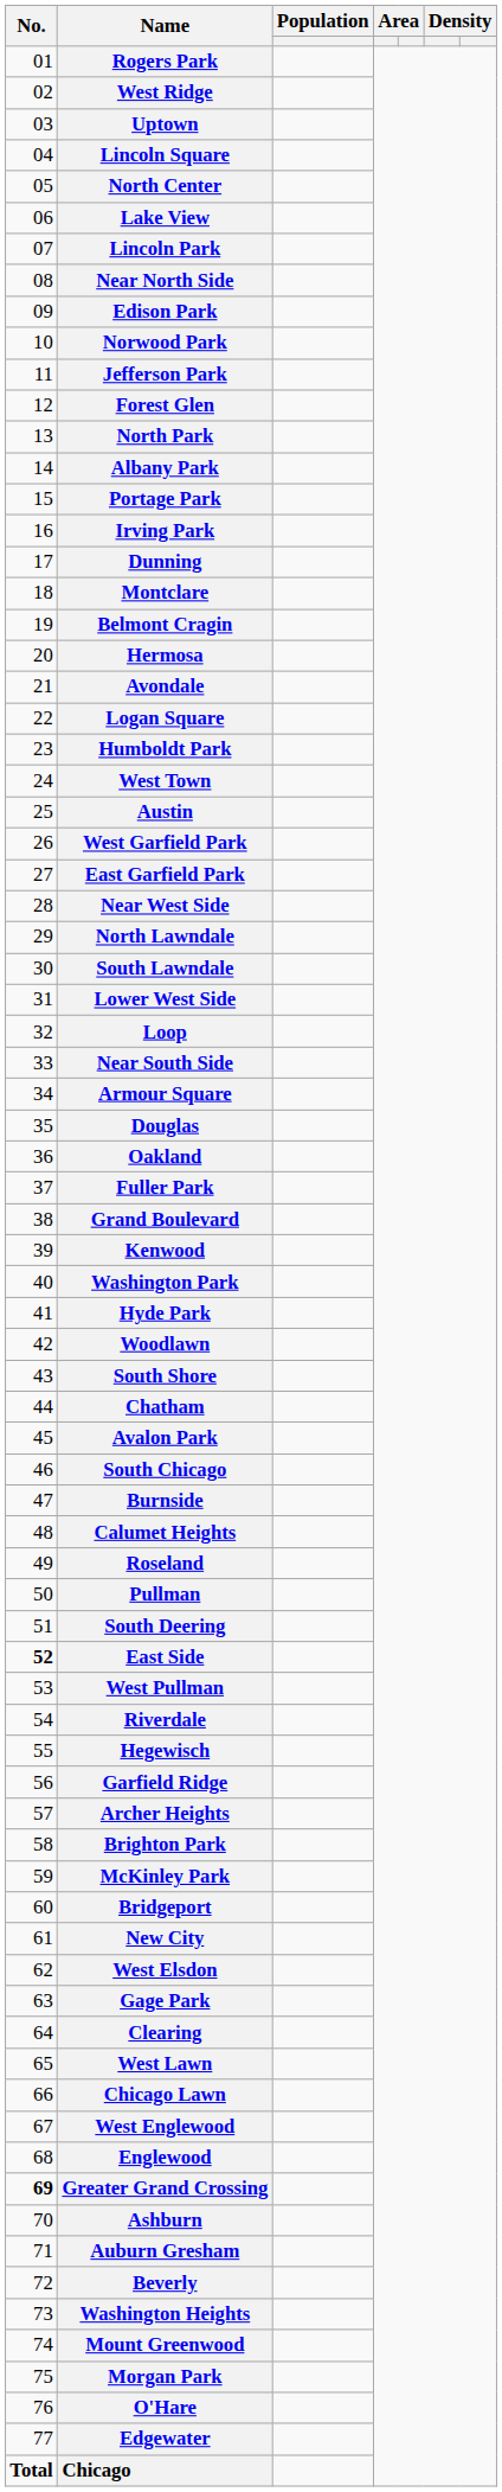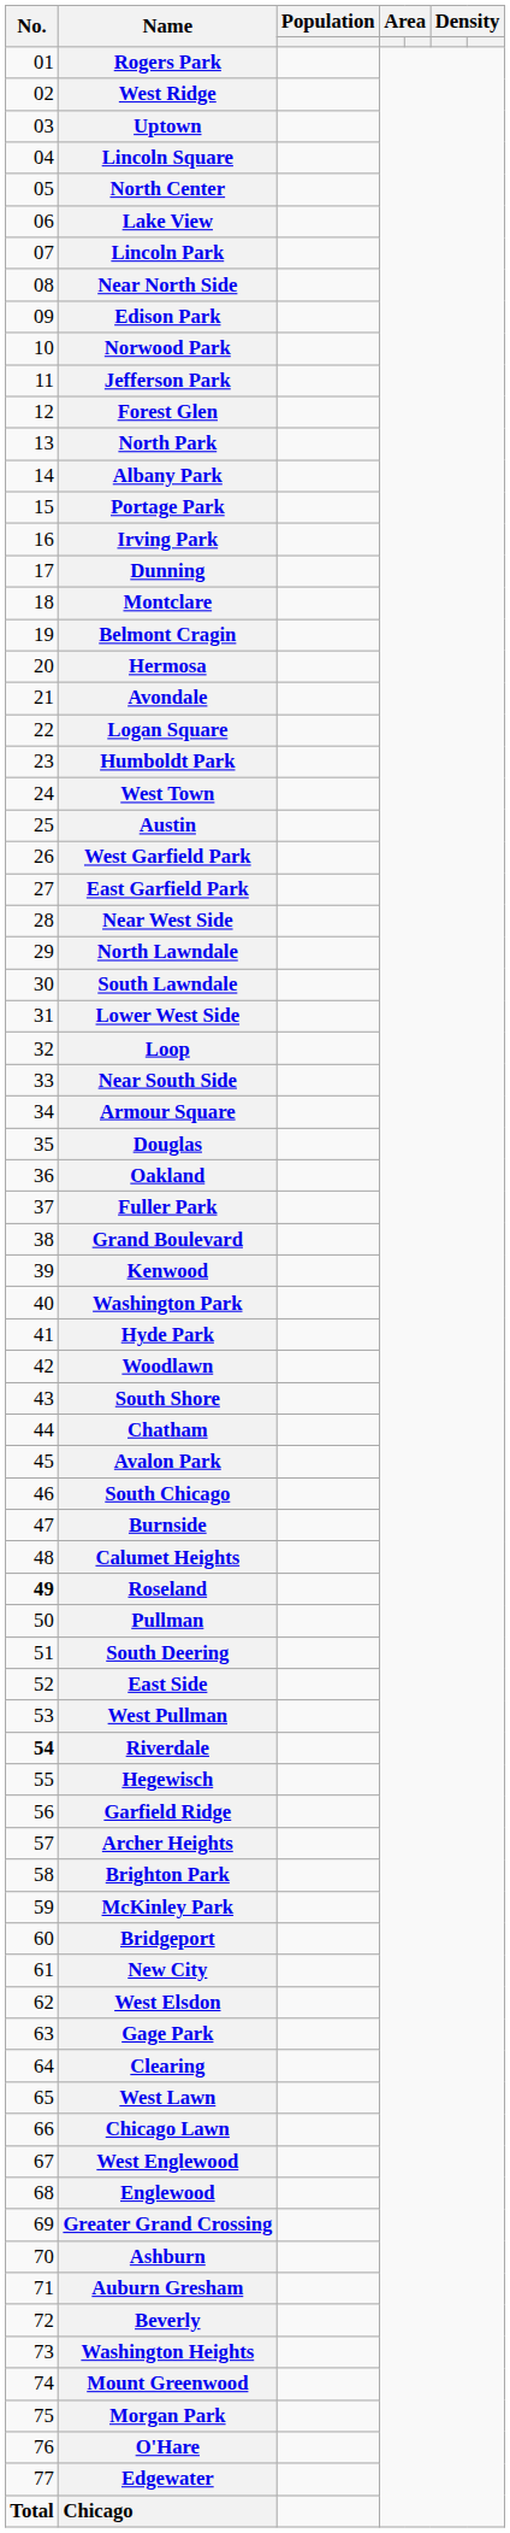 <table class="wikitable sortable plainrowheaders mw-datatable" style=text-align:right>
 <tr>
 <th scope=col rowspan=2>No.</th>
 <th scope=col rowspan=2>Name</th>
 <th scope=col>Population</th>
 <th colspan=2 scope=col>Area</th>
 <th colspan=2 scope=col>Density</th>
 </tr>
 <tr>
 <th></th>
 <th></th>
 <th></th>
 <th></th>
 <th></th>
 </tr>
 <tr>
 <td>01</td>
 <th scope=row><a href='#'>Rogers Park</a></th>
 <td></td>
 </tr>
 <tr>
 <td>02</td>
 <th scope=row><a href='#'>West Ridge</a></th>
 <td></td>
 </tr>
 <tr>
 <td>03</td>
 <th scope=row><a href='#'>Uptown</a></th>
 <td></td>
 </tr>
 <tr>
 <td>04</td>
 <th scope=row><a href='#'>Lincoln Square</a></th>
 <td></td>
 </tr>
 <tr>
 <td>05</td>
 <th scope=row><a href='#'>North Center</a></th>
 <td></td>
 </tr>
 <tr>
 <td>06</td>
 <th scope=row><a href='#'>Lake View</a></th>
 <td></td>
 </tr>
 <tr>
 <td>07</td>
 <th scope=row><a href='#'>Lincoln Park</a></th>
 <td></td>
 </tr>
 <tr>
 <td>08</td>
 <th scope=row><a href='#'>Near North Side</a></th>
 <td></td>
 </tr>
 <tr>
 <td>09</td>
 <th scope=row><a href='#'>Edison Park</a></th>
 <td></td>
 </tr>
 <tr>
 <td>10</td>
 <th scope=row><a href='#'>Norwood Park</a></th>
 <td></td>
 </tr>
 <tr>
 <td>11</td>
 <th scope=row><a href='#'>Jefferson Park</a></th>
 <td></td>
 </tr>
 <tr>
 <td>12</td>
 <th scope=row><a href='#'>Forest Glen</a></th>
 <td></td>
 </tr>
 <tr>
 <td>13</td>
 <th scope=row><a href='#'>North Park</a></th>
 <td></td>
 </tr>
 <tr>
 <td>14</td>
 <th scope=row><a href='#'>Albany Park</a></th>
 <td></td>
 </tr>
 <tr>
 <td>15</td>
 <th scope=row><a href='#'>Portage Park</a></th>
 <td></td>
 </tr>
 <tr>
 <td>16</td>
 <th scope=row><a href='#'>Irving Park</a></th>
 <td></td>
 </tr>
 <tr>
 <td>17</td>
 <th scope=row><a href='#'>Dunning</a></th>
 <td></td>
 </tr>
 <tr>
 <td>18</td>
 <th scope=row><a href='#'>Montclare</a></th>
 <td></td>
 </tr>
 <tr>
 <td>19</td>
 <th scope=row><a href='#'>Belmont Cragin</a></th>
 <td></td>
 </tr>
 <tr>
 <td>20</td>
 <th scope=row><a href='#'>Hermosa</a></th>
 <td></td>
 </tr>
 <tr>
 <td>21</td>
 <th scope=row><a href='#'>Avondale</a></th>
 <td></td>
 </tr>
 <tr>
 <td>22</td>
 <th scope=row><a href='#'>Logan Square</a></th>
 <td></td>
 </tr>
 <tr>
 <td>23</td>
 <th scope=row><a href='#'>Humboldt Park</a></th>
 <td></td>
 </tr>
 <tr>
 <td>24</td>
 <th scope=row><a href='#'>West Town</a></th>
 <td></td>
 </tr>
 <tr>
 <td>25</td>
 <th scope=row><a href='#'>Austin</a></th>
 <td></td>
 </tr>
 <tr>
 <td>26</td>
 <th scope=row><a href='#'>West Garfield Park</a></th>
 <td></td>
 </tr>
 <tr>
 <td>27</td>
 <th scope=row><a href='#'>East Garfield Park</a></th>
 <td></td>
 </tr>
 <tr>
 <td>28</td>
 <th scope=row><a href='#'>Near West Side</a></th>
 <td></td>
 </tr>
 <tr>
 <td>29</td>
 <th scope=row><a href='#'>North Lawndale</a></th>
 <td></td>
 </tr>
 <tr>
 <td>30</td>
 <th scope=row><a href='#'>South Lawndale</a></th>
 <td></td>
 </tr>
 <tr>
 <td>31</td>
 <th scope=row><a href='#'>Lower West Side</a></th>
 <td></td>
 </tr>
 <tr>
 <td>32</td>
 <th scope=row><a href='#'>Loop</a></th>
 <td></td>
 </tr>
 <tr>
 <td>33</td>
 <th scope=row><a href='#'>Near South Side</a></th>
 <td></td>
 </tr>
 <tr>
 <td>34</td>
 <th scope=row><a href='#'>Armour Square</a></th>
 <td></td>
 </tr>
 <tr>
 <td>35</td>
 <th scope=row><a href='#'>Douglas</a></th>
 <td></td>
 </tr>
 <tr>
 <td>36</td>
 <th scope=row><a href='#'>Oakland</a></th>
 <td></td>
 </tr>
 <tr>
 <td>37</td>
 <th scope=row><a href='#'>Fuller Park</a></th>
 <td></td>
 </tr>
 <tr>
 <td>38</td>
 <th scope=row><a href='#'>Grand Boulevard</a></th>
 <td></td>
 </tr>
 <tr>
 <td>39</td>
 <th scope=row><a href='#'>Kenwood</a></th>
 <td></td>
 </tr>
 <tr>
 <td>40</td>
 <th scope=row><a href='#'>Washington Park</a></th>
 <td></td>
 </tr>
 <tr>
 <td>41</td>
 <th scope=row><a href='#'>Hyde Park</a></th>
 <td></td>
 </tr>
 <tr>
 <td>42</td>
 <th scope=row><a href='#'>Woodlawn</a></th>
 <td></td>
 </tr>
 <tr>
 <td>43</td>
 <th scope=row><a href='#'>South Shore</a></th>
 <td></td>
 </tr>
 <tr>
 <td>44</td>
 <th scope=row><a href='#'>Chatham</a></th>
 <td></td>
 </tr>
 <tr>
 <td>45</td>
 <th scope=row><a href='#'>Avalon Park</a></th>
 <td></td>
 </tr>
 <tr>
 <td>46</td>
 <th scope=row><a href='#'>South Chicago</a></th>
 <td></td>
 </tr>
 <tr>
 <td>47</td>
 <th scope=row><a href='#'>Burnside</a></th>
 <td></td>
 </tr>
 <tr>
 <td>48</td>
 <th scope=row><a href='#'>Calumet Heights</a></th>
 <td></td>
 </tr>
 <tr>
-<td>49</td>
+<td><strong>49</strong></td>
 <th scope=row><a href='#'>Roseland</a></th>
 <td></td>
 </tr>
 <tr>
 <td>50</td>
 <th scope=row><a href='#'>Pullman</a></th>
 <td></td>
 </tr>
 <tr>
 <td>51</td>
 <th scope=row><a href='#'>South Deering</a></th>
 <td></td>
 </tr>
 <tr>
-<td><strong>52</strong></td>
+<td>52</td>
 <th scope=row><a href='#'>East Side</a></th>
 <td></td>
 </tr>
 <tr>
 <td>53</td>
 <th scope=row><a href='#'>West Pullman</a></th>
 <td></td>
 </tr>
 <tr>
-<td>54</td>
+<td><strong>54</strong></td>
 <th scope=row><a href='#'>Riverdale</a></th>
 <td></td>
 </tr>
 <tr>
 <td>55</td>
 <th scope=row><a href='#'>Hegewisch</a></th>
 <td></td>
 </tr>
 <tr>
 <td>56</td>
 <th scope=row><a href='#'>Garfield Ridge</a></th>
 <td></td>
 </tr>
 <tr>
 <td>57</td>
 <th scope=row><a href='#'>Archer Heights</a></th>
 <td></td>
 </tr>
 <tr>
 <td>58</td>
 <th scope=row><a href='#'>Brighton Park</a></th>
 <td></td>
 </tr>
 <tr>
 <td>59</td>
 <th scope=row><a href='#'>McKinley Park</a></th>
 <td></td>
 </tr>
 <tr>
 <td>60</td>
 <th scope=row><a href='#'>Bridgeport</a></th>
 <td></td>
 </tr>
 <tr>
 <td>61</td>
 <th scope=row><a href='#'>New City</a></th>
 <td></td>
 </tr>
 <tr>
 <td>62</td>
 <th scope=row><a href='#'>West Elsdon</a></th>
 <td></td>
 </tr>
 <tr>
 <td>63</td>
 <th scope=row><a href='#'>Gage Park</a></th>
 <td></td>
 </tr>
 <tr>
 <td>64</td>
 <th scope=row><a href='#'>Clearing</a></th>
 <td></td>
 </tr>
 <tr>
 <td>65</td>
 <th scope=row><a href='#'>West Lawn</a></th>
 <td></td>
 </tr>
 <tr>
 <td>66</td>
 <th scope=row><a href='#'>Chicago Lawn</a></th>
 <td></td>
 </tr>
 <tr>
 <td>67</td>
 <th scope=row><a href='#'>West Englewood</a></th>
 <td></td>
 </tr>
 <tr>
 <td>68</td>
 <th scope=row><a href='#'>Englewood</a></th>
 <td></td>
 </tr>
 <tr>
-<td><strong>69</strong></td>
+<td>69</td>
 <th scope=row><a href='#'>Greater Grand Crossing</a></th>
 <td></td>
 </tr>
 <tr>
 <td>70</td>
 <th scope=row><a href='#'>Ashburn</a></th>
 <td></td>
 </tr>
 <tr>
 <td>71</td>
 <th scope=row><a href='#'>Auburn Gresham</a></th>
 <td></td>
 </tr>
 <tr>
 <td>72</td>
 <th scope=row><a href='#'>Beverly</a></th>
 <td></td>
 </tr>
 <tr>
 <td>73</td>
 <th scope=row><a href='#'>Washington Heights</a></th>
 <td></td>
 </tr>
 <tr>
 <td>74</td>
 <th scope=row><a href='#'>Mount Greenwood</a></th>
 <td></td>
 </tr>
 <tr>
 <td>75</td>
 <th scope=row><a href='#'>Morgan Park</a></th>
 <td></td>
 </tr>
 <tr>
 <td>76</td>
 <th scope=row><a href='#'>O'Hare</a></th>
 <td></td>
 </tr>
 <tr>
 <td>77</td>
 <th scope=row><a href='#'>Edgewater</a></th>
 <td></td>
 </tr>
 <tr class=sortbottom style=font-weight:bold>
 <td>Total</td>
 <th style=text-align:left>Chicago</th>
 <td></td>
 </tr>
 </table>
